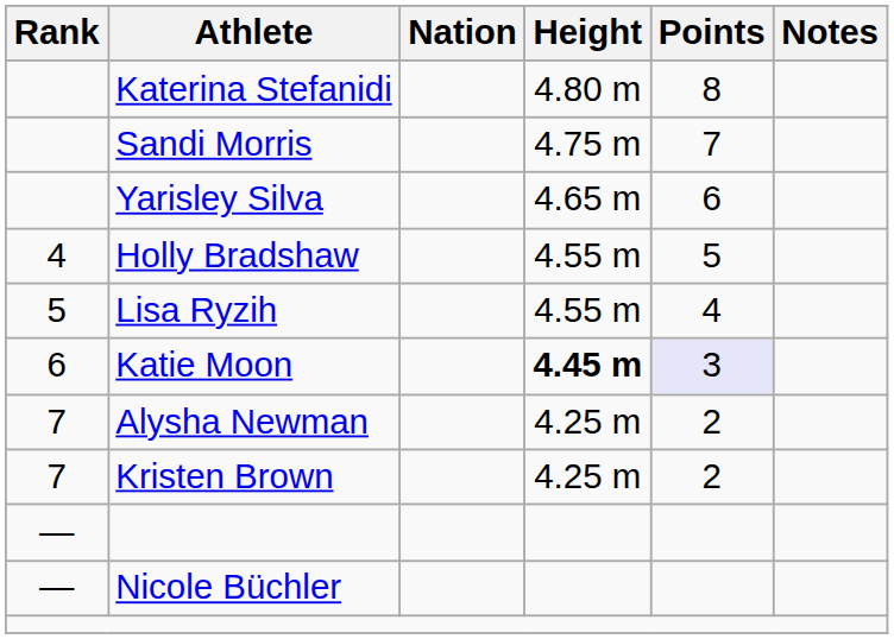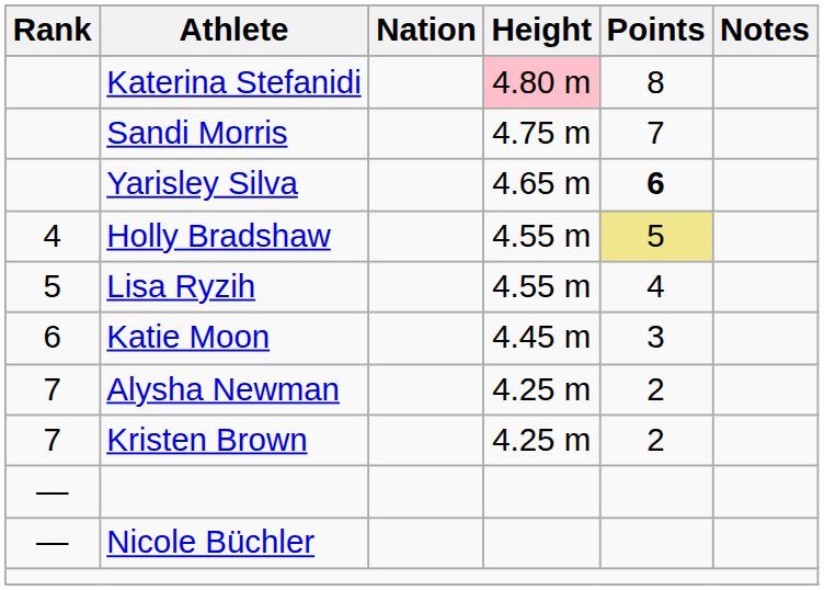 <table class="wikitable mw-datatable sortable" style="text-align:center;">
 <tr>
 <th>Rank</th>
 <th>Athlete</th>
 <th>Nation</th>
 <th>Height</th>
 <th>Points</th>
 <th>Notes</th>
 </tr>
 <tr>
 <td></td>
 <td align=left><a href='#'>Katerina Stefanidi</a></td>
 <td align=left></td>
-<td>4.80 m</td>
+<td style="background: pink;">4.80 m</td>
 <td>8</td>
 <td></td>
 </tr>
 <tr>
 <td></td>
 <td align=left><a href='#'>Sandi Morris</a></td>
 <td align=left></td>
 <td>4.75 m</td>
 <td>7</td>
 <td></td>
 </tr>
 <tr>
 <td></td>
 <td align=left><a href='#'>Yarisley Silva</a></td>
 <td align=left></td>
 <td>4.65 m</td>
-<td>6</td>
+<td><strong>6</strong></td>
 <td></td>
 </tr>
 <tr>
 <td>4</td>
 <td align=left><a href='#'>Holly Bradshaw</a></td>
 <td align=left></td>
 <td>4.55 m</td>
-<td>5</td>
+<td style="background: khaki;">5</td>
 <td></td>
 </tr>
 <tr>
 <td>5</td>
 <td align=left><a href='#'>Lisa Ryzih</a></td>
 <td align=left></td>
 <td>4.55 m</td>
 <td>4</td>
 <td></td>
 </tr>
 <tr>
 <td>6</td>
 <td align=left><a href='#'>Katie Moon</a></td>
 <td align=left></td>
-<td><strong>4.45 m</strong></td>
-<td style="background: lavender;">3</td>
+<td>4.45 m</td>
+<td>3</td>
 <td></td>
 </tr>
 <tr>
 <td>7</td>
 <td align=left><a href='#'>Alysha Newman</a></td>
 <td align=left></td>
 <td>4.25 m</td>
 <td>2</td>
 <td></td>
 </tr>
 <tr>
 <td>7</td>
 <td align=left><a href='#'>Kristen Brown</a></td>
 <td align=left></td>
 <td>4.25 m</td>
 <td>2</td>
 <td></td>
 </tr>
 <tr>
 <td>—</td>
 <td align=left></td>
 <td align=left></td>
 <td></td>
 <td></td>
 <td></td>
 </tr>
 <tr>
 <td>—</td>
 <td align=left><a href='#'>Nicole Büchler</a></td>
 <td align=left></td>
 <td></td>
 <td></td>
 <td></td>
 </tr>
 <tr class="sortbottom">
 <td colspan=6></td>
 </tr>
 </table>
